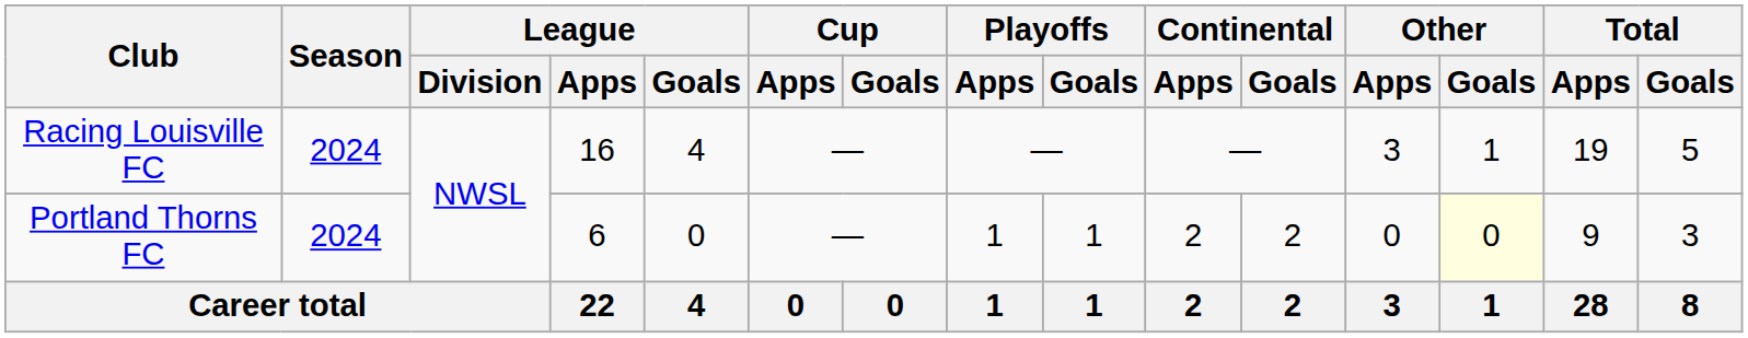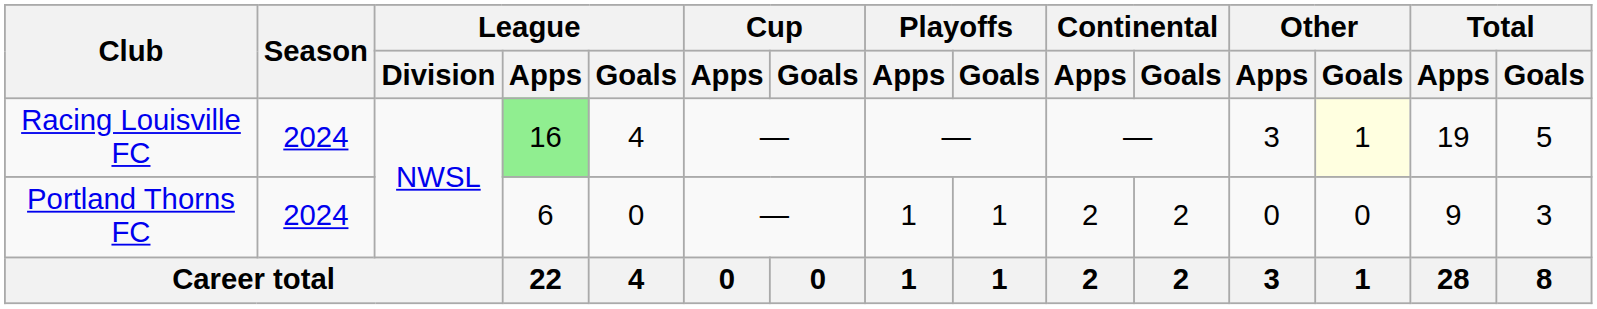 <table class="wikitable" style="text-align: center;">
 <tr>
 <th rowspan="2">Club</th>
 <th rowspan="2">Season</th>
 <th colspan="3">League</th>
 <th colspan="2">Cup</th>
 <th colspan="2">Playoffs</th>
 <th colspan="2">Continental</th>
 <th colspan="2">Other</th>
 <th colspan="2">Total</th>
 </tr>
 <tr>
 <th>Division</th>
 <th>Apps</th>
 <th>Goals</th>
 <th>Apps</th>
 <th>Goals</th>
 <th>Apps</th>
 <th>Goals</th>
 <th>Apps</th>
 <th>Goals</th>
 <th>Apps</th>
 <th>Goals</th>
 <th>Apps</th>
 <th>Goals</th>
 </tr>
 <tr>
 <td><a href='#'>Racing Louisville FC</a></td>
 <td><a href='#'>2024</a></td>
 <td rowspan="2"><a href='#'>NWSL</a></td>
-<td>16</td>
+<td style="background: lightgreen;">16</td>
 <td>4</td>
 <td colspan="2">—</td>
 <td colspan="2">—</td>
 <td colspan="2">—</td>
 <td>3</td>
-<td>1</td>
+<td style="background: lightyellow;">1</td>
 <td>19</td>
 <td>5</td>
 </tr>
 <tr>
 <td><a href='#'>Portland Thorns FC</a></td>
 <td><a href='#'>2024</a></td>
 <td>6</td>
 <td>0</td>
 <td colspan="2">—</td>
 <td>1</td>
 <td>1</td>
 <td>2</td>
 <td>2</td>
 <td>0</td>
-<td style="background: lightyellow;">0</td>
+<td>0</td>
 <td>9</td>
 <td>3</td>
 </tr>
 <tr>
 <th colspan="3">Career total</th>
 <th>22</th>
 <th>4</th>
 <th>0</th>
 <th>0</th>
 <th>1</th>
 <th>1</th>
 <th>2</th>
 <th>2</th>
 <th>3</th>
 <th>1</th>
 <th>28</th>
 <th>8</th>
 </tr>
 </table>
